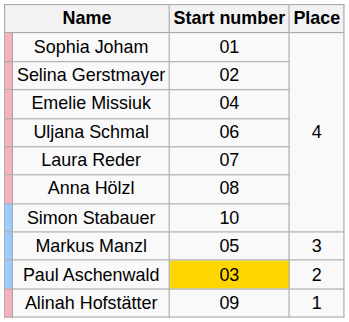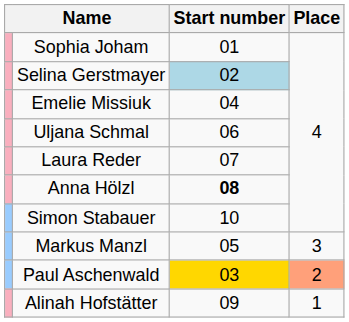 <table class="wikitable sortable" style="text-align:center">
 <tr>
 <th colspan=2>Name</th>
 <th>Start number</th>
 <th>Place</th>
 </tr>
 <tr>
 <td style="background:#faafbe"></td>
 <td>Sophia Joham</td>
 <td>01</td>
 <td rowspan=7>4</td>
 </tr>
 <tr>
 <td style="background:#faafbe"></td>
 <td>Selina Gerstmayer</td>
-<td>02</td>
+<td style="background: lightblue;">02</td>
 </tr>
 <tr>
 <td style="background:#faafbe"></td>
 <td>Emelie Missiuk</td>
 <td>04</td>
 </tr>
 <tr>
 <td style="background:#faafbe"></td>
 <td>Uljana Schmal</td>
 <td>06</td>
 </tr>
 <tr>
 <td style="background:#faafbe"></td>
 <td>Laura Reder</td>
 <td>07</td>
 </tr>
 <tr>
 <td style="background:#faafbe"></td>
 <td>Anna Hölzl</td>
-<td>08</td>
+<td><strong>08</strong></td>
 </tr>
 <tr>
 <td style="background:#9cf;"></td>
 <td>Simon Stabauer</td>
 <td>10</td>
 </tr>
 <tr>
 <td style="background:#9cf;"></td>
 <td>Markus Manzl</td>
 <td>05</td>
 <td>3</td>
 </tr>
 <tr>
 <td style="background:#9cf;"></td>
 <td>Paul Aschenwald</td>
 <td style="background: gold;">03</td>
-<td>2</td>
+<td style="background: lightsalmon;">2</td>
 </tr>
 <tr>
 <td style="background:#faafbe"></td>
 <td>Alinah Hofstätter</td>
 <td>09</td>
 <td>1</td>
 </tr>
 </table>
